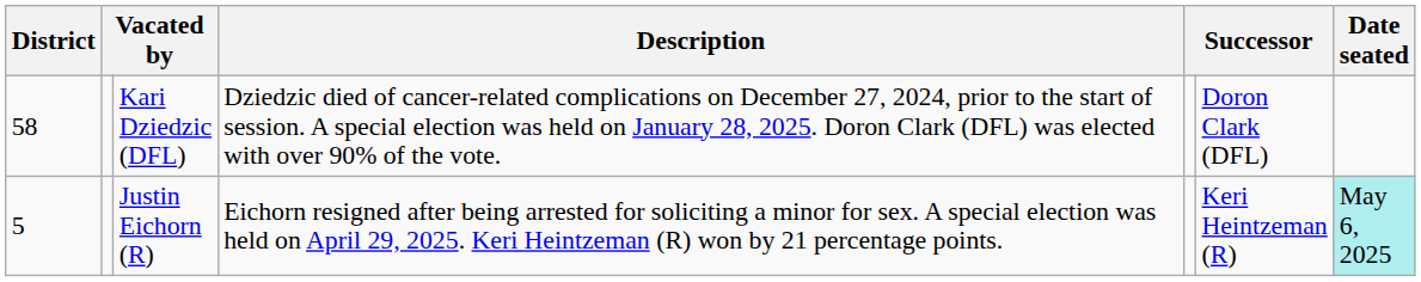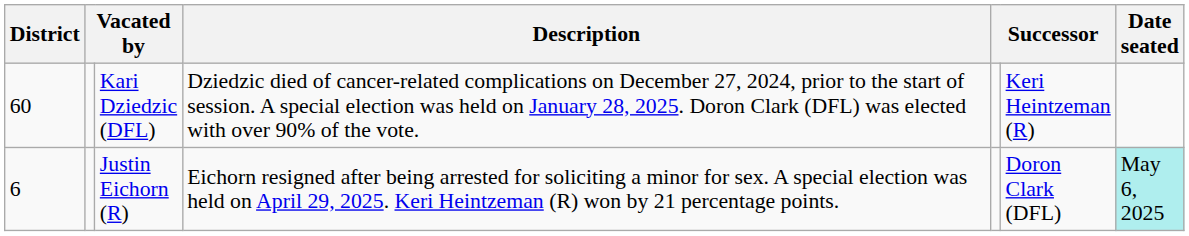 <table class="wikitable">
 <tr>
 <th>District</th>
 <th colspan="2">Vacated by</th>
 <th style="width:600px">Description</th>
 <th colspan="2">Successor</th>
 <th>Date <br>seated</th>
 </tr>
 <tr>
-<td>58</td>
+<td>60</td>
 <td style="background:"></td>
 <td><a href='#'>Kari Dziedzic</a> (<a href='#'>DFL</a>)</td>
 <td>Dziedzic died of cancer-related complications on December 27, 2024, prior to the start of session. A special election was held on <a href='#'>January 28, 2025</a>. Doron Clark (DFL) was elected with over 90% of the vote.</td>
 <td style="background:"></td>
-<td><a href='#'>Doron Clark</a> (DFL)</td>
+<td><a href='#'>Keri Heintzeman</a> (<a href='#'>R</a>)</td>
 <td></td>
 </tr>
 <tr>
-<td>5</td>
+<td>6</td>
 <td style="background:"></td>
 <td><a href='#'>Justin Eichorn</a> (<a href='#'>R</a>)</td>
 <td>Eichorn resigned after being arrested for soliciting a minor for sex. A special election was held on <a href='#'>April 29, 2025</a>. <a href='#'>Keri Heintzeman</a> (R) won by 21 percentage points.</td>
 <td style="background:"></td>
-<td><a href='#'>Keri Heintzeman</a> (<a href='#'>R</a>)</td>
+<td><a href='#'>Doron Clark</a> (DFL)</td>
 <td style="background: paleturquoise;">May 6, 2025 </td>
 </tr>
 </table>
